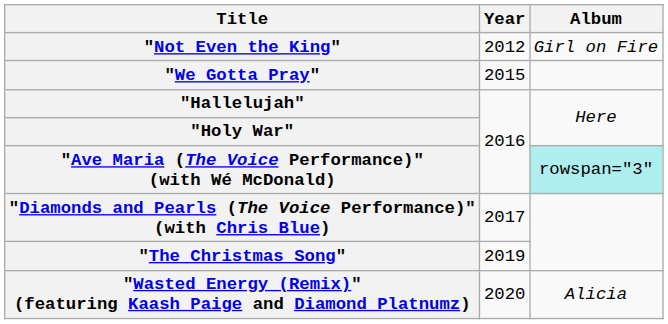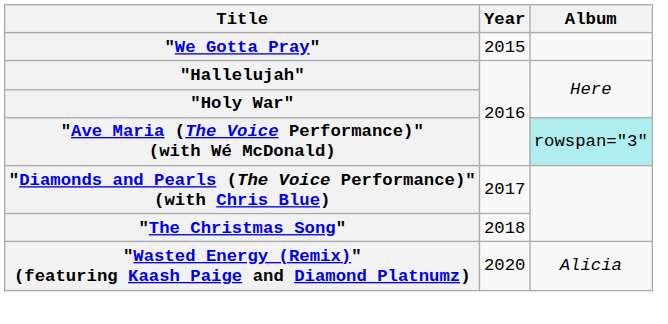 <table class="wikitable plainrowheaders" style="text-align:center;">
 <tr>
 <th scope="col">Title</th>
 <th scope="col">Year</th>
 <th scope="col">Album</th>
-</tr>
-<tr>
-<th scope="row">"<a href='#'>Not Even the King</a>"</th>
-<td>2012</td>
-<td><em>Girl on Fire</em></td>
 </tr>
 <tr>
 <th scope="row">"<a href='#'>We Gotta Pray</a>"</th>
 <td>2015</td>
 <td></td>
 </tr>
 <tr>
 <th scope="row">"Hallelujah"</th>
 <td rowspan="3">2016</td>
 <td rowspan="2"><em>Here</em></td>
 </tr>
 <tr>
 <th scope="row">"Holy War"</th>
 </tr>
 <tr>
 <th scope="row">"<a href='#'>Ave Maria</a> (<em><a href='#'>The Voice</a></em> Performance)" <br><span>(with Wé McDonald)</span></th>
 <td style="background: paleturquoise;">rowspan="3" </td>
 </tr>
 <tr>
 <th scope="row">"<a href='#'>Diamonds and Pearls</a> (<em>The Voice</em> Performance)" <br><span>(with <a href='#'>Chris Blue</a>)</span></th>
 <td>2017</td>
 </tr>
 <tr>
 <th scope="row">"<a href='#'>The Christmas Song</a>"</th>
-<td>2019</td>
+<td>2018</td>
 </tr>
 <tr>
 <th scope="row">"<a href='#'>Wasted Energy (Remix)</a>" <br><span>(featuring <a href='#'>Kaash Paige</a> and <a href='#'>Diamond Platnumz</a>)</span></th>
 <td>2020</td>
 <td><em>Alicia</em></td>
 </tr>
 </table>
